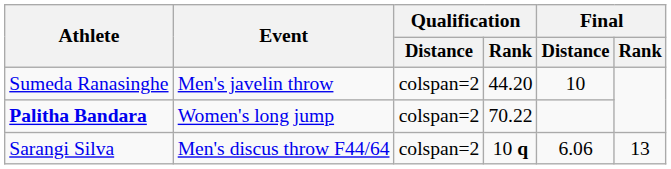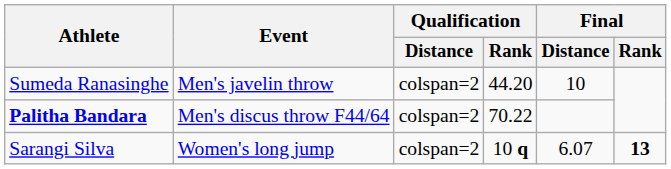 <table class="wikitable" style="font-size:90%">
 <tr>
 <th rowspan=2>Athlete</th>
 <th rowspan=2>Event</th>
 <th colspan=2>Qualification</th>
 <th colspan=2>Final</th>
 </tr>
 <tr style="font-size:95%">
 <th>Distance</th>
 <th>Rank</th>
 <th>Distance</th>
 <th>Rank</th>
 </tr>
 <tr align=center>
 <td align=left><a href='#'>Sumeda Ranasinghe</a></td>
 <td align=left><a href='#'>Men's javelin throw</a></td>
 <td>colspan=2 </td>
 <td>44.20</td>
 <td>10</td>
 </tr>
 <tr align=center>
 <td align=left><strong><a href='#'>Palitha Bandara</a></strong></td>
-<td align=left><a href='#'>Women's long jump</a></td>
+<td align=left><a href='#'>Men's discus throw F44/64</a></td>
 <td>colspan=2 </td>
 <td>70.22</td>
 <td></td>
 </tr>
 <tr align=center>
 <td align=left><a href='#'>Sarangi Silva</a></td>
-<td align=left><a href='#'>Men's discus throw F44/64</a></td>
+<td align=left><a href='#'>Women's long jump</a></td>
 <td>colspan=2 </td>
 <td>10 <strong>q</strong></td>
-<td>6.06</td>
-<td>13</td>
+<td>6.07</td>
+<td><strong>13</strong></td>
 </tr>
 </table>
